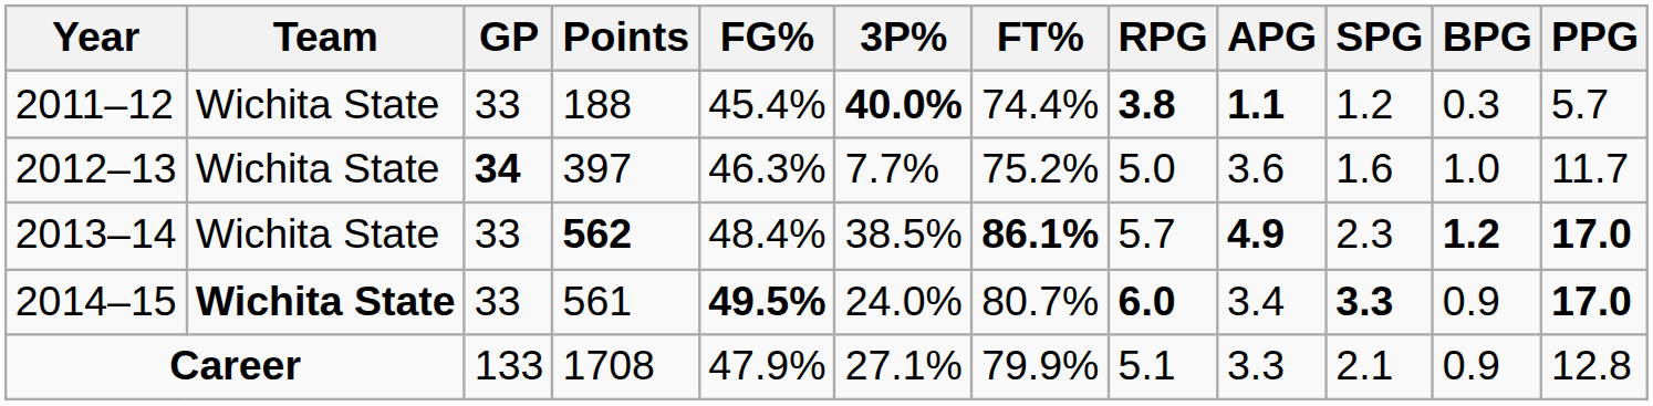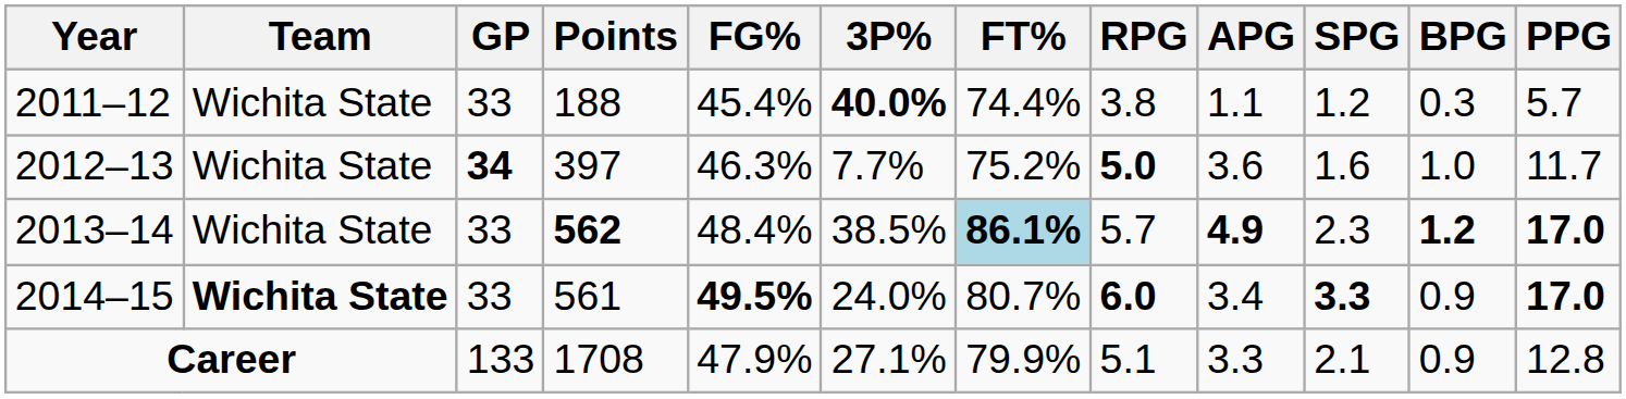 <table class="wikitable sortable">
 <tr>
 <th>Year</th>
 <th>Team</th>
 <th>GP</th>
 <th>Points</th>
 <th>FG%</th>
 <th>3P%</th>
 <th>FT%</th>
 <th>RPG</th>
 <th>APG</th>
 <th>SPG</th>
 <th>BPG</th>
 <th>PPG</th>
 </tr>
 <tr>
 <td>2011–12</td>
 <td>Wichita State</td>
 <td>33</td>
 <td>188</td>
 <td>45.4%</td>
 <td><strong>40.0%</strong></td>
 <td>74.4%</td>
-<td><strong>3.8</strong></td>
-<td><strong>1.1</strong></td>
+<td>3.8</td>
+<td>1.1</td>
 <td>1.2</td>
 <td>0.3</td>
 <td>5.7</td>
 </tr>
 <tr>
 <td>2012–13</td>
 <td>Wichita State</td>
 <td><strong>34</strong></td>
 <td>397</td>
 <td>46.3%</td>
 <td>7.7%</td>
 <td>75.2%</td>
-<td>5.0</td>
+<td><strong>5.0</strong></td>
 <td>3.6</td>
 <td>1.6</td>
 <td>1.0</td>
 <td>11.7</td>
 </tr>
 <tr>
 <td>2013–14</td>
 <td>Wichita State</td>
 <td>33</td>
 <td><strong>562</strong></td>
 <td>48.4%</td>
 <td>38.5%</td>
-<td><strong>86.1%</strong></td>
+<td style="background: lightblue;"><strong>86.1%</strong></td>
 <td>5.7</td>
 <td><strong>4.9</strong></td>
 <td>2.3</td>
 <td><strong>1.2</strong></td>
 <td><strong>17.0</strong></td>
 </tr>
 <tr>
 <td>2014–15</td>
 <td><strong>Wichita State</strong></td>
 <td>33</td>
 <td>561</td>
 <td><strong>49.5%</strong></td>
 <td>24.0%</td>
 <td>80.7%</td>
 <td><strong>6.0</strong></td>
 <td>3.4</td>
 <td><strong>3.3</strong></td>
 <td>0.9</td>
 <td><strong>17.0</strong></td>
 </tr>
 <tr class="sortbottom">
 <td align=center colspan=2><strong>Career</strong></td>
 <td>133</td>
 <td>1708</td>
 <td>47.9%</td>
 <td>27.1%</td>
 <td>79.9%</td>
 <td>5.1</td>
 <td>3.3</td>
 <td>2.1</td>
 <td>0.9</td>
 <td>12.8</td>
 </tr>
 </table>
